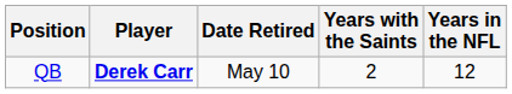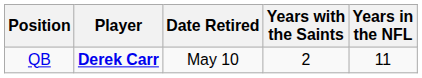 <table class="wikitable" style="text-align:center">
 <tr>
 <th>Position</th>
 <th>Player</th>
 <th>Date Retired</th>
 <th>Years with<br>the Saints</th>
 <th>Years in<br>the NFL</th>
 </tr>
 <tr>
 <td><a href='#'>QB</a></td>
 <td><strong><a href='#'>Derek Carr</a></strong></td>
 <td>May 10</td>
 <td>2</td>
-<td>12</td>
+<td>11</td>
 </tr>
 </table>
